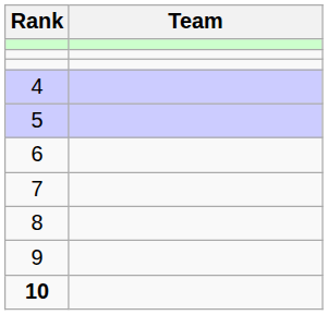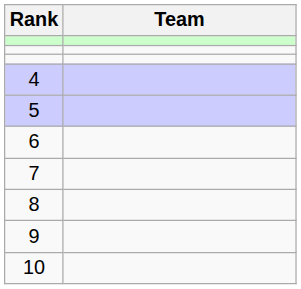 <table class="wikitable" style="text-align: left;">
 <tr>
 <th width=40>Rank</th>
 <th width=180>Team</th>
 </tr>
 <tr bgcolor=ccffcc>
 <td align=center></td>
 <td></td>
 </tr>
 <tr>
 <td align=center></td>
 <td></td>
 </tr>
 <tr>
 <td align=center></td>
 <td></td>
 </tr>
 <tr bgcolor=ccccff>
 <td align=center>4</td>
 <td></td>
 </tr>
 <tr bgcolor=ccccff>
 <td align=center>5</td>
 <td></td>
 </tr>
 <tr>
 <td align=center>6</td>
 <td></td>
 </tr>
 <tr>
 <td align=center>7</td>
 <td></td>
 </tr>
 <tr>
 <td align=center>8</td>
 <td></td>
 </tr>
 <tr>
 <td align=center>9</td>
 <td></td>
 </tr>
 <tr>
-<td align=center><strong>10</strong></td>
+<td align=center>10</td>
 <td></td>
 </tr>
 </table>
